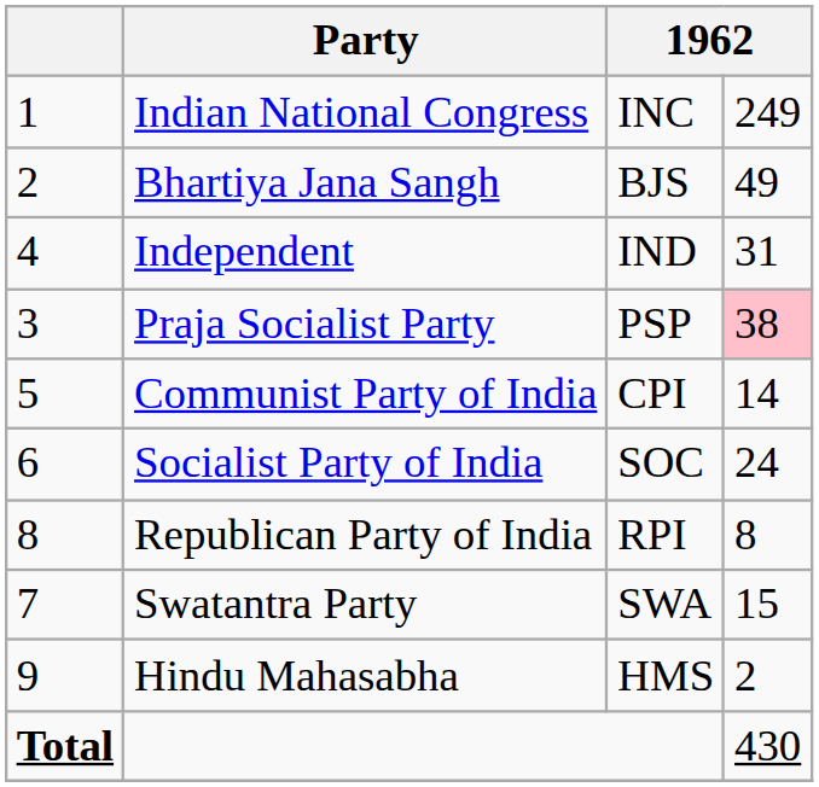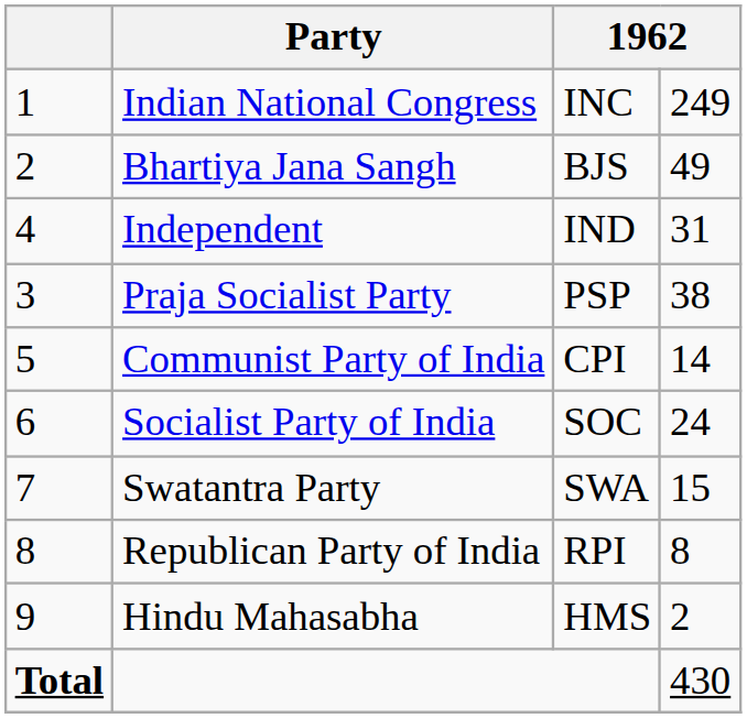 <table class="wikitable sortable">
 <tr>
 <th></th>
 <th>Party</th>
 <th colspan="2">1962</th>
 </tr>
 <tr>
 <td>1</td>
 <td><a href='#'>Indian National Congress</a></td>
 <td bgcolor=>INC</td>
 <td>249</td>
 </tr>
 <tr>
 <td>2</td>
 <td><a href='#'>Bhartiya Jana Sangh</a></td>
 <td>BJS</td>
 <td>49</td>
 </tr>
 <tr>
 <td>4</td>
 <td><a href='#'>Independent</a></td>
 <td>IND</td>
 <td>31</td>
 </tr>
 <tr>
 <td>3</td>
 <td><a href='#'>Praja Socialist Party</a></td>
 <td>PSP</td>
-<td style="background: pink;">38</td>
+<td>38</td>
 </tr>
 <tr>
 <td>5</td>
 <td><a href='#'>Communist Party of India</a></td>
 <td bgcolor=>CPI</td>
 <td>14</td>
 </tr>
 <tr>
 <td>6</td>
 <td><a href='#'>Socialist Party of India</a></td>
 <td bgcolor=>SOC</td>
 <td>24</td>
 </tr>
 <tr>
+<td>7</td>
+<td>Swatantra Party</td>
+<td bgcolor=>SWA</td>
+<td>15</td>
+</tr>
+<tr>
 <td>8</td>
 <td>Republican Party of India</td>
 <td bgcolor=>RPI</td>
 <td>8</td>
-</tr>
-<tr>
-<td>7</td>
-<td>Swatantra Party</td>
-<td bgcolor=>SWA</td>
-<td>15</td>
 </tr>
 <tr>
 <td>9</td>
 <td>Hindu Mahasabha</td>
 <td bgcolor=>HMS</td>
 <td>2</td>
 </tr>
 <tr>
 <td><strong><u>Total</u></strong></td>
 <td colspan="2"></td>
 <td><u>430</u></td>
 </tr>
 <tr>
 </tr>
 </table>
